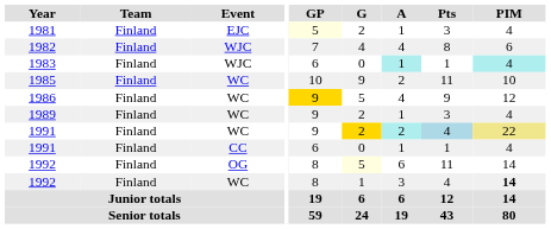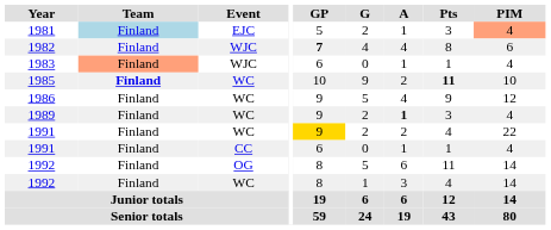 <table border="0" cellpadding="1" cellspacing="0" ID="Table3" style="text-align:center; width:40em">
 <tr ALIGN="center" bgcolor="#e0e0e0">
 <th>Year</th>
 <th>Team</th>
 <th>Event</th>
 <th rowspan="99" bgcolor="#ffffff"></th>
 <th>GP</th>
 <th>G</th>
 <th>A</th>
 <th>Pts</th>
 <th>PIM</th>
 </tr>
 <tr>
 <td><a href='#'>1981</a></td>
-<td><a href='#'>Finland</a></td>
+<td style="background: lightblue;"><a href='#'>Finland</a></td>
 <td><a href='#'>EJC</a></td>
-<td style="background: lightyellow;">5</td>
+<td>5</td>
 <td>2</td>
 <td>1</td>
 <td>3</td>
-<td>4</td>
+<td style="background: lightsalmon;">4</td>
 </tr>
 <tr bgcolor="#f0f0f0">
 <td><a href='#'>1982</a></td>
 <td><a href='#'>Finland</a></td>
 <td><a href='#'>WJC</a></td>
-<td>7</td>
+<td><strong>7</strong></td>
 <td>4</td>
 <td>4</td>
 <td>8</td>
 <td>6</td>
 </tr>
 <tr>
 <td><a href='#'>1983</a></td>
-<td>Finland</td>
+<td style="background: lightsalmon;">Finland</td>
 <td>WJC</td>
 <td>6</td>
 <td>0</td>
-<td style="background: paleturquoise;">1</td>
 <td>1</td>
-<td style="background: paleturquoise;">4</td>
+<td>1</td>
+<td>4</td>
 </tr>
 <tr bgcolor="#f0f0f0">
 <td><a href='#'>1985</a></td>
-<td><a href='#'>Finland</a></td>
+<td><strong><a href='#'>Finland</a></strong></td>
 <td><a href='#'>WC</a></td>
 <td>10</td>
 <td>9</td>
 <td>2</td>
-<td>11</td>
+<td><strong>11</strong></td>
 <td>10</td>
 </tr>
 <tr>
 <td><a href='#'>1986</a></td>
 <td>Finland</td>
 <td>WC</td>
-<td style="background: gold;">9</td>
+<td>9</td>
 <td>5</td>
 <td>4</td>
 <td>9</td>
 <td>12</td>
 </tr>
 <tr bgcolor="#f0f0f0">
 <td><a href='#'>1989</a></td>
 <td>Finland</td>
 <td>WC</td>
 <td>9</td>
 <td>2</td>
-<td>1</td>
+<td><strong>1</strong></td>
 <td>3</td>
 <td>4</td>
 </tr>
 <tr>
 <td><a href='#'>1991</a></td>
 <td>Finland</td>
 <td>WC</td>
-<td>9</td>
-<td style="background: gold;">2</td>
-<td style="background: paleturquoise;">2</td>
-<td style="background: lightblue;">4</td>
-<td style="background: khaki;">22</td>
+<td style="background: gold;">9</td>
+<td>2</td>
+<td>2</td>
+<td>4</td>
+<td>22</td>
 </tr>
 <tr bgcolor="#f0f0f0">
 <td><a href='#'>1991</a></td>
 <td>Finland</td>
 <td><a href='#'>CC</a></td>
 <td>6</td>
 <td>0</td>
 <td>1</td>
 <td>1</td>
 <td>4</td>
 </tr>
 <tr>
 <td><a href='#'>1992</a></td>
 <td>Finland</td>
 <td><a href='#'>OG</a></td>
 <td>8</td>
-<td style="background: lightyellow;">5</td>
+<td>5</td>
 <td>6</td>
 <td>11</td>
 <td>14</td>
 </tr>
 <tr bgcolor="#f0f0f0">
 <td><a href='#'>1992</a></td>
 <td>Finland</td>
 <td>WC</td>
 <td>8</td>
 <td>1</td>
 <td>3</td>
 <td>4</td>
-<td><strong>14</strong></td>
+<td>14</td>
 </tr>
 <tr bgcolor="#e0e0e0">
 <th colspan="3">Junior totals</th>
 <th>19</th>
 <th>6</th>
 <th>6</th>
 <th>12</th>
 <th>14</th>
 </tr>
 <tr bgcolor="#e0e0e0">
 <th colspan="3">Senior totals</th>
 <th>59</th>
 <th>24</th>
 <th>19</th>
 <th>43</th>
 <th>80</th>
 </tr>
 </table>
